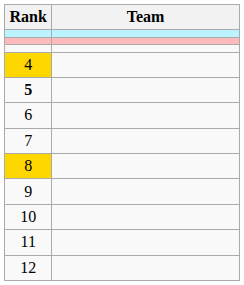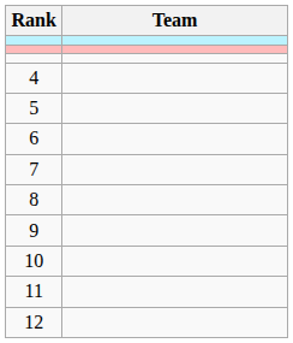 <table class="wikitable">
 <tr>
 <th width=40>Rank</th>
 <th width=180>Team</th>
 </tr>
 <tr bgcolor=#BBF3FF>
 <td align=center></td>
 <td></td>
 </tr>
 <tr bgcolor=#FFBBBB>
 <td align=center></td>
 <td></td>
 </tr>
 <tr>
 <td align=center></td>
 <td></td>
 </tr>
 <tr>
-<td align=center style="background: gold;">4</td>
+<td align=center>4</td>
 <td></td>
 </tr>
 <tr>
-<td align=center><strong>5</strong></td>
+<td align=center>5</td>
 <td></td>
 </tr>
 <tr>
 <td align=center>6</td>
 <td></td>
 </tr>
 <tr>
 <td align=center>7</td>
 <td></td>
 </tr>
 <tr>
-<td align=center style="background: gold;">8</td>
+<td align=center>8</td>
 <td></td>
 </tr>
 <tr>
 <td align=center>9</td>
 <td></td>
 </tr>
 <tr>
 <td align=center>10</td>
 <td></td>
 </tr>
 <tr>
 <td align=center>11</td>
 <td></td>
 </tr>
 <tr>
 <td align=center>12</td>
 <td></td>
 </tr>
 </table>
